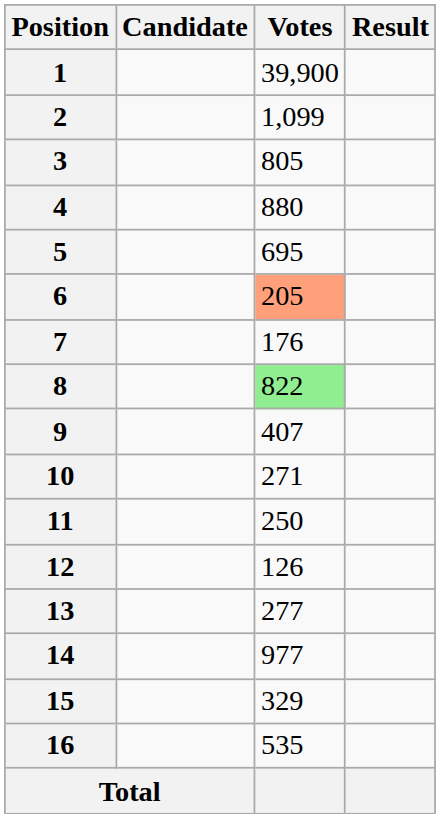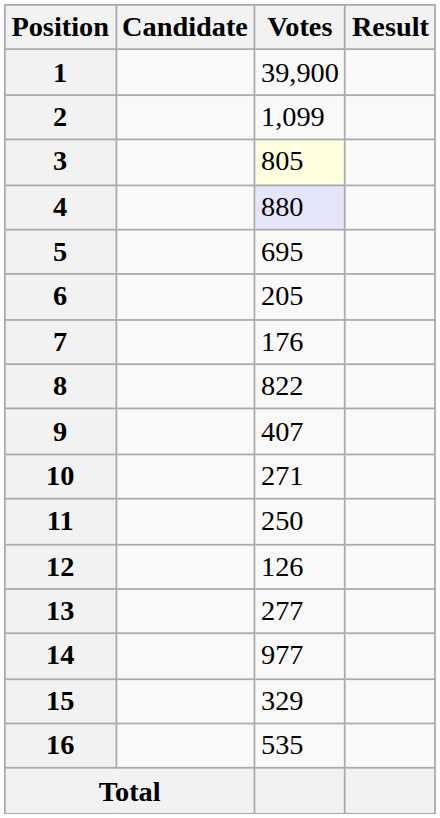 <table class="wikitable sortable col3right">
 <tr>
 <th scope="col">Position</th>
 <th scope="col">Candidate</th>
 <th scope="col">Votes</th>
 <th scope="col">Result</th>
 </tr>
 <tr>
 <th scope="row">1</th>
 <td></td>
 <td>39,900</td>
 <td></td>
 </tr>
 <tr>
 <th scope="row">2</th>
 <td></td>
 <td>1,099</td>
 <td></td>
 </tr>
 <tr>
 <th scope="row">3</th>
 <td></td>
-<td>805</td>
+<td style="background: lightyellow;">805</td>
 <td></td>
 </tr>
 <tr>
 <th scope="row">4</th>
 <td></td>
-<td>880</td>
+<td style="background: lavender;">880</td>
 <td></td>
 </tr>
 <tr>
 <th scope="row">5</th>
 <td></td>
 <td>695</td>
 <td></td>
 </tr>
 <tr>
 <th scope="row">6</th>
 <td></td>
-<td style="background: lightsalmon;">205</td>
+<td>205</td>
 <td></td>
 </tr>
 <tr>
 <th scope="row">7</th>
 <td></td>
 <td>176</td>
 <td></td>
 </tr>
 <tr>
 <th scope="row">8</th>
 <td></td>
-<td style="background: lightgreen;">822</td>
+<td>822</td>
 <td></td>
 </tr>
 <tr>
 <th scope="row">9</th>
 <td></td>
 <td>407</td>
 <td></td>
 </tr>
 <tr>
 <th scope="row">10</th>
 <td></td>
 <td>271</td>
 <td></td>
 </tr>
 <tr>
 <th scope="row">11</th>
 <td></td>
 <td>250</td>
 <td></td>
 </tr>
 <tr>
 <th scope="row">12</th>
 <td></td>
 <td>126</td>
 <td></td>
 </tr>
 <tr>
 <th scope="row">13</th>
 <td></td>
 <td>277</td>
 <td></td>
 </tr>
 <tr>
 <th scope="row">14</th>
 <td></td>
 <td>977</td>
 <td></td>
 </tr>
 <tr>
 <th scope="row">15</th>
 <td></td>
 <td>329</td>
 <td></td>
 </tr>
 <tr>
 <th scope="row">16</th>
 <td></td>
 <td>535</td>
 <td></td>
 </tr>
 <tr class="sortbottom">
 <th scope="row" colspan="2">Total</th>
 <th></th>
 <th></th>
 </tr>
 </table>
